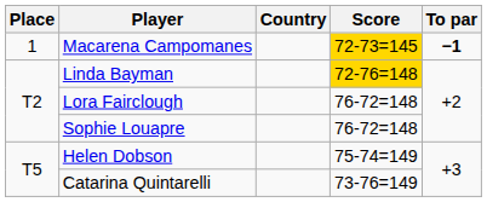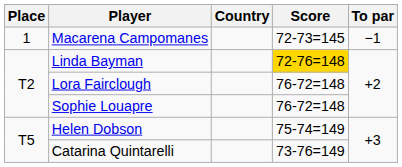 <table class="wikitable" style="font-size:95%;">
 <tr>
 <th>Place</th>
 <th>Player</th>
 <th>Country</th>
 <th>Score</th>
 <th>To par</th>
 </tr>
 <tr>
 <td align=center>1</td>
 <td><a href='#'>Macarena Campomanes</a></td>
 <td></td>
-<td align=center style="background: gold;">72-73=145</td>
-<td align=center><strong>−1</strong></td>
+<td align=center>72-73=145</td>
+<td align=center>−1</td>
 </tr>
 <tr>
 <td rowspan="3" align="center">T2</td>
 <td><a href='#'>Linda Bayman</a></td>
 <td></td>
 <td align=center style="background: gold;">72-76=148</td>
 <td rowspan="3" align=center>+2</td>
 </tr>
 <tr>
 <td><a href='#'>Lora Fairclough</a></td>
 <td></td>
 <td align=center>76-72=148</td>
 </tr>
 <tr>
 <td><a href='#'>Sophie Louapre</a></td>
 <td></td>
 <td align=center>76-72=148</td>
 </tr>
 <tr>
 <td rowspan="2" align=center>T5</td>
 <td><a href='#'>Helen Dobson</a></td>
 <td></td>
 <td align=center>75-74=149</td>
 <td rowspan="2" align=center>+3</td>
 </tr>
 <tr>
 <td>Catarina Quintarelli</td>
 <td></td>
 <td align=center>73-76=149</td>
 </tr>
 </table>
